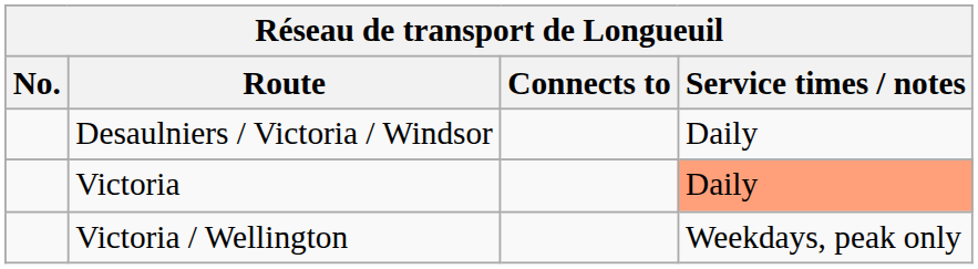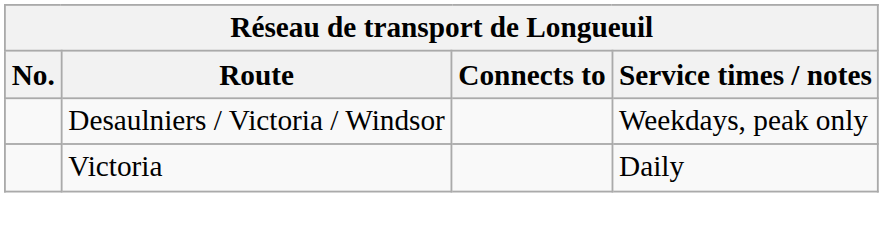 <table class="wikitable">
 <tr>
 <th colspan="4" style="background: #">Réseau de transport de Longueuil</th>
 </tr>
 <tr>
 <th>No.</th>
 <th>Route</th>
 <th>Connects to</th>
 <th>Service times / notes</th>
 </tr>
 <tr>
 <td> </td>
 <td>Desaulniers / Victoria / Windsor</td>
 <td> </td>
-<td>Daily</td>
+<td>Weekdays, peak only</td>
 </tr>
 <tr>
 <td> </td>
 <td>Victoria</td>
 <td></td>
-<td style="background: lightsalmon;">Daily</td>
-</tr>
-<tr>
-<td> </td>
-<td>Victoria / Wellington</td>
-<td></td>
-<td>Weekdays, peak only</td>
+<td>Daily</td>
 </tr>
 </table>
